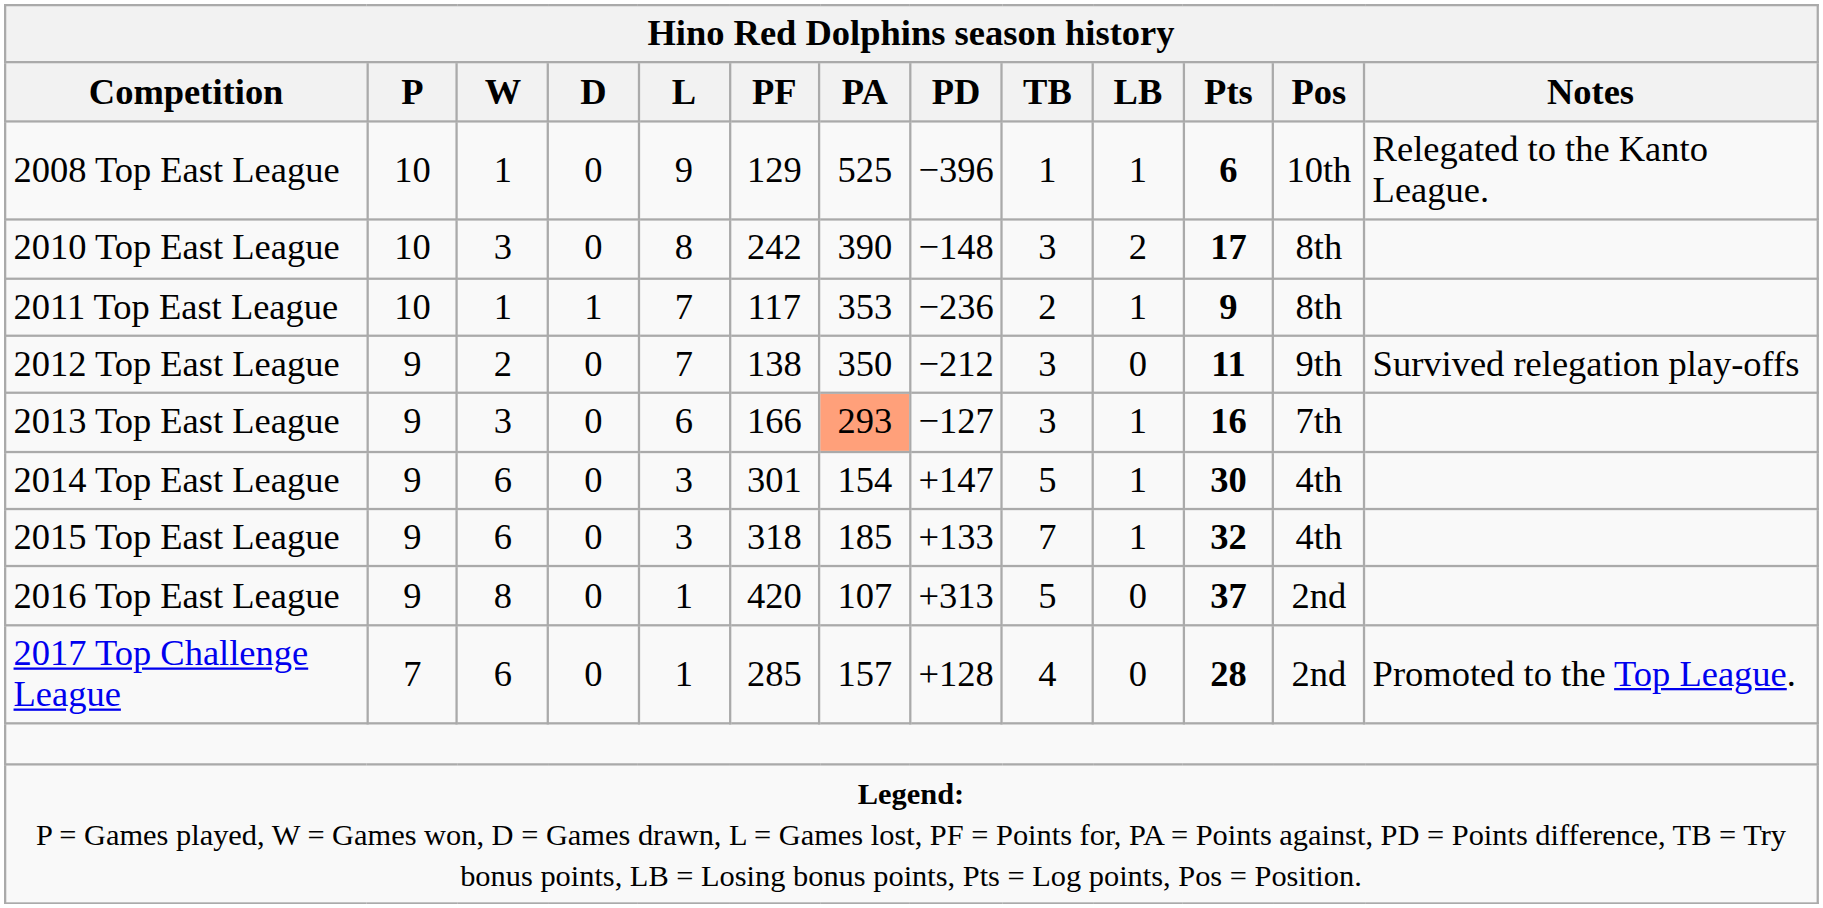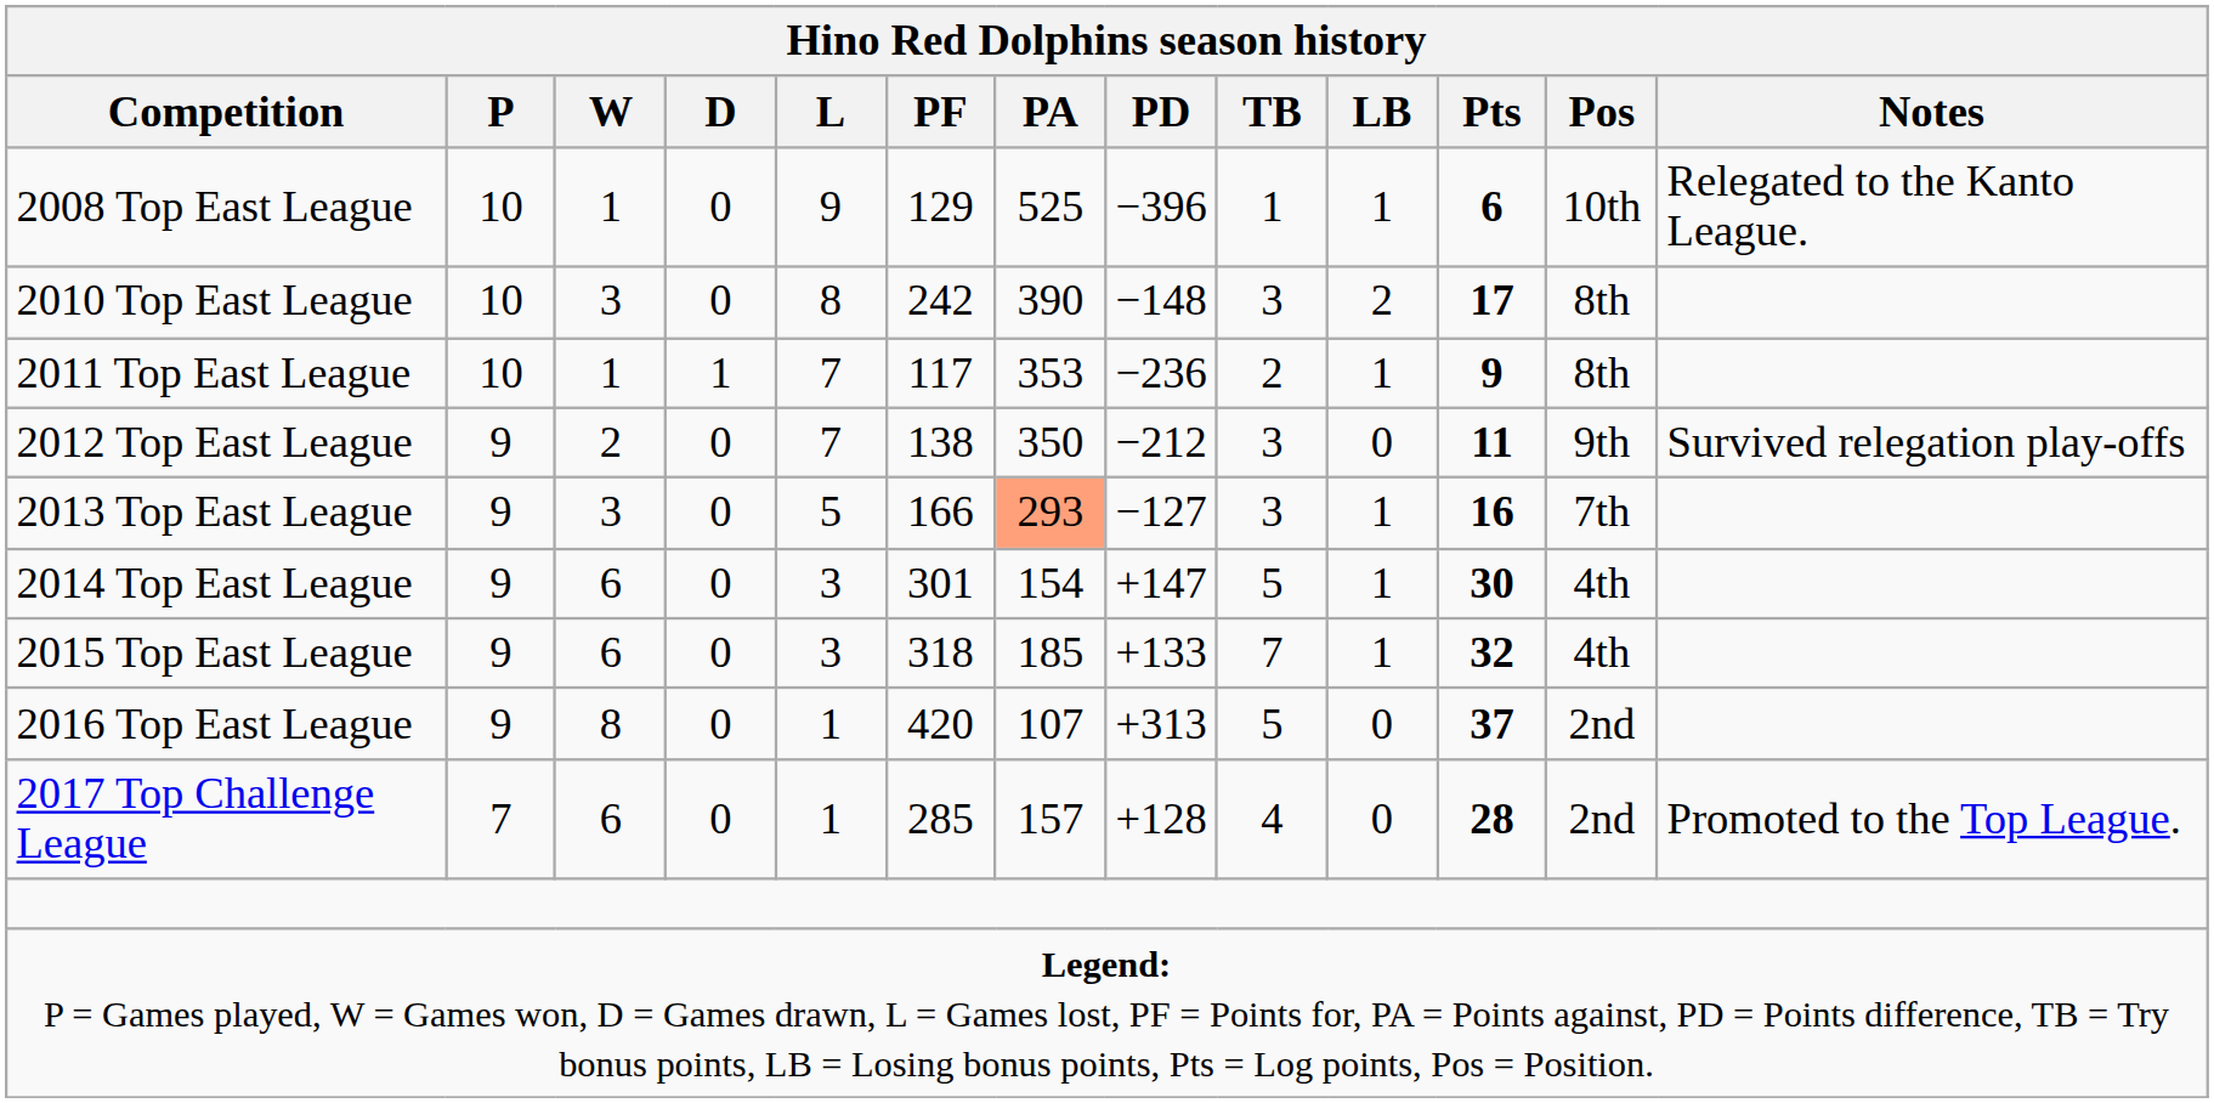 <table class="wikitable" style="text-align:center; font-size:100%; width:90%;">
 <tr>
 <th colspan="100%" cellpadding="0" cellspacing="0"><strong>Hino Red Dolphins season history</strong></th>
 </tr>
 <tr>
 <th style="width:20%;">Competition</th>
 <th style="width:5%;">P</th>
 <th style="width:5%;">W</th>
 <th style="width:5%;">D</th>
 <th style="width:5%;">L</th>
 <th style="width:5%;">PF</th>
 <th style="width:5%;">PA</th>
 <th style="width:5%;">PD</th>
 <th style="width:5%;">TB</th>
 <th style="width:5%;">LB</th>
 <th style="width:5%;">Pts</th>
 <th style="width:5%;">Pos</th>
 <th style="width:25%;">Notes<br></th>
 </tr>
 <tr>
 <td style="text-align:left;">2008 Top East League</td>
 <td>10</td>
 <td>1</td>
 <td>0</td>
 <td>9</td>
 <td>129</td>
 <td>525</td>
 <td>−396</td>
 <td>1</td>
 <td>1</td>
 <td><strong>6</strong></td>
 <td>10th</td>
 <td style="text-align:left;">Relegated to the Kanto League.</td>
 </tr>
 <tr>
 <td style="text-align:left;">2010 Top East League</td>
 <td>10</td>
 <td>3</td>
 <td>0</td>
 <td>8</td>
 <td>242</td>
 <td>390</td>
 <td>−148</td>
 <td>3</td>
 <td>2</td>
 <td><strong>17</strong></td>
 <td>8th</td>
 <td></td>
 </tr>
 <tr>
 <td style="text-align:left;">2011 Top East League</td>
 <td>10</td>
 <td>1</td>
 <td>1</td>
 <td>7</td>
 <td>117</td>
 <td>353</td>
 <td>−236</td>
 <td>2</td>
 <td>1</td>
 <td><strong>9</strong></td>
 <td>8th</td>
 <td></td>
 </tr>
 <tr>
 <td style="text-align:left;">2012 Top East League</td>
 <td>9</td>
 <td>2</td>
 <td>0</td>
 <td>7</td>
 <td>138</td>
 <td>350</td>
 <td>−212</td>
 <td>3</td>
 <td>0</td>
 <td><strong>11</strong></td>
 <td>9th</td>
 <td style="text-align:left;">Survived relegation play-offs</td>
 </tr>
 <tr>
 <td style="text-align:left;">2013 Top East League</td>
 <td>9</td>
 <td>3</td>
 <td>0</td>
-<td>6</td>
+<td>5</td>
 <td>166</td>
 <td style="background: lightsalmon;">293</td>
 <td>−127</td>
 <td>3</td>
 <td>1</td>
 <td><strong>16</strong></td>
 <td>7th</td>
 <td></td>
 </tr>
 <tr>
 <td style="text-align:left;">2014 Top East League</td>
 <td>9</td>
 <td>6</td>
 <td>0</td>
 <td>3</td>
 <td>301</td>
 <td>154</td>
 <td>+147</td>
 <td>5</td>
 <td>1</td>
 <td><strong>30</strong></td>
 <td>4th</td>
 <td></td>
 </tr>
 <tr>
 <td style="text-align:left;">2015 Top East League</td>
 <td>9</td>
 <td>6</td>
 <td>0</td>
 <td>3</td>
 <td>318</td>
 <td>185</td>
 <td>+133</td>
 <td>7</td>
 <td>1</td>
 <td><strong>32</strong></td>
 <td>4th</td>
 <td></td>
 </tr>
 <tr>
 <td style="text-align:left;">2016 Top East League</td>
 <td>9</td>
 <td>8</td>
 <td>0</td>
 <td>1</td>
 <td>420</td>
 <td>107</td>
 <td>+313</td>
 <td>5</td>
 <td>0</td>
 <td><strong>37</strong></td>
 <td>2nd</td>
 <td></td>
 </tr>
 <tr>
 <td style="text-align:left;"><a href='#'>2017 Top Challenge League</a></td>
 <td>7</td>
 <td>6</td>
 <td>0</td>
 <td>1</td>
 <td>285</td>
 <td>157</td>
 <td>+128</td>
 <td>4</td>
 <td>0</td>
 <td><strong>28</strong></td>
 <td>2nd</td>
 <td style="text-align:left;">Promoted to the <a href='#'>Top League</a>.</td>
 </tr>
 <tr>
 <td colspan="100%" style="height:10px;"></td>
 </tr>
 <tr>
 <td colspan="100%"><small><strong>Legend:</strong> <br> P = Games played, W = Games won, D = Games drawn, L = Games lost, PF = Points for, PA = Points against, PD = Points difference, TB = Try bonus points, LB = Losing bonus points, Pts = Log points, Pos = Position.</small></td>
 </tr>
 </table>
